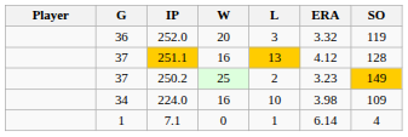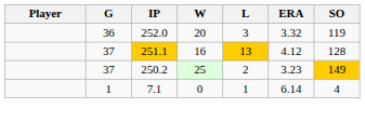 <table class="wikitable sortable">
 <tr>
 <th bgcolor="#DDDDFF" width="16%">Player</th>
 <th bgcolor="#DDDDFF" width="9%">G</th>
 <th bgcolor="#DDDDFF" width="9%">IP</th>
 <th bgcolor="#DDDDFF" width="9%">W</th>
 <th bgcolor="#DDDDFF" width="9%">L</th>
 <th bgcolor="#DDDDFF" width="9%">ERA</th>
 <th bgcolor="#DDDDFF" width="9%">SO</th>
 </tr>
 <tr align="center">
 <td></td>
 <td>36</td>
 <td>252.0</td>
 <td>20</td>
 <td>3</td>
 <td>3.32</td>
 <td>119</td>
 </tr>
 <tr align="center">
 <td></td>
 <td>37</td>
 <td style="background:#fc0;">251.1</td>
 <td>16</td>
 <td style="background:#fc0;">13</td>
 <td>4.12</td>
 <td>128</td>
 </tr>
 <tr align="center">
 <td></td>
 <td>37</td>
 <td>250.2</td>
 <td style="background:#DDFFDD;">25</td>
 <td>2</td>
 <td>3.23</td>
 <td style="background:#fc0;">149</td>
 </tr>
 <tr align="center">
 <td></td>
-<td>34</td>
-<td>224.0</td>
-<td>16</td>
-<td>10</td>
-<td>3.98</td>
-<td>109</td>
-</tr>
-<tr align="center">
-<td></td>
 <td>1</td>
 <td>7.1</td>
 <td>0</td>
 <td>1</td>
 <td>6.14</td>
 <td>4</td>
 </tr>
 </table>
